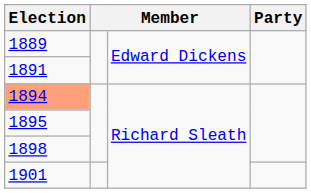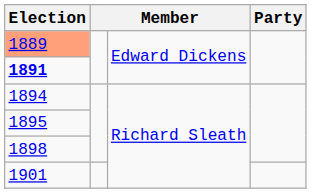 <table class="wikitable">
 <tr>
 <th>Election</th>
 <th colspan="2">Member</th>
 <th>Party</th>
 </tr>
 <tr>
-<td><a href='#'>1889</a></td>
+<td style="background: lightsalmon;"><a href='#'>1889</a></td>
 <td rowspan="2" > </td>
 <td rowspan="2"><a href='#'>Edward Dickens</a></td>
 <td rowspan="2"></td>
 </tr>
 <tr>
-<td><a href='#'>1891</a></td>
+<td><strong><a href='#'>1891</a></strong></td>
 </tr>
 <tr>
-<td style="background: lightsalmon;"><a href='#'>1894</a></td>
+<td><a href='#'>1894</a></td>
 <td rowspan="3" > </td>
 <td rowspan="4"><a href='#'>Richard Sleath</a></td>
 <td rowspan="3"></td>
 </tr>
 <tr>
 <td><a href='#'>1895</a></td>
 </tr>
 <tr>
 <td><a href='#'>1898</a></td>
 </tr>
 <tr>
 <td><a href='#'>1901</a></td>
 <td> </td>
 <td></td>
 </tr>
 </table>
